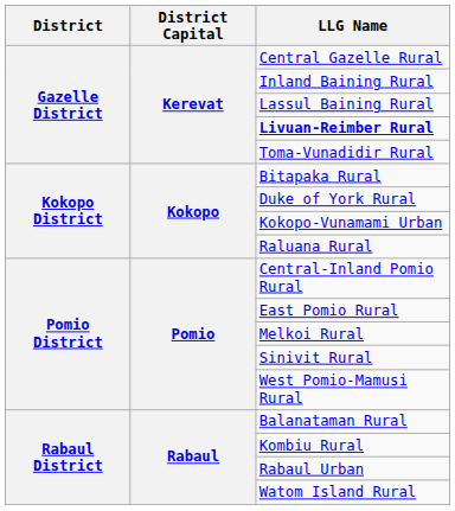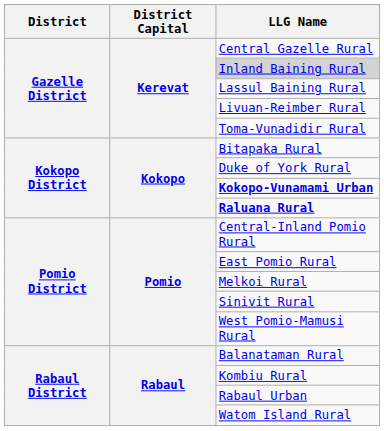 <table class="wikitable" style="text-align: left;" width="400">
 <tr>
 <th>District</th>
 <th>District Capital</th>
 <th>LLG Name</th>
 </tr>
 <tr>
 <th rowspan="5"><a href='#'>Gazelle District</a></th>
 <th rowspan="5"><a href='#'>Kerevat</a></th>
 <td><a href='#'>Central Gazelle Rural</a></td>
 </tr>
 <tr>
-<td><a href='#'>Inland Baining Rural</a></td>
+<td style="background: lightgrey;"><a href='#'>Inland Baining Rural</a></td>
 </tr>
 <tr>
 <td><a href='#'>Lassul Baining Rural</a></td>
 </tr>
 <tr>
-<td><strong><a href='#'>Livuan-Reimber Rural</a></strong></td>
+<td><a href='#'>Livuan-Reimber Rural</a></td>
 </tr>
 <tr>
 <td><a href='#'>Toma-Vunadidir Rural</a></td>
 </tr>
 <tr>
 <th rowspan="4"><a href='#'>Kokopo District</a></th>
 <th rowspan="4"><a href='#'>Kokopo</a></th>
 <td><a href='#'>Bitapaka Rural</a></td>
 </tr>
 <tr>
 <td><a href='#'>Duke of York Rural</a></td>
 </tr>
 <tr>
-<td><a href='#'>Kokopo-Vunamami Urban</a></td>
+<td><strong><a href='#'>Kokopo-Vunamami Urban</a></strong></td>
 </tr>
 <tr>
-<td><a href='#'>Raluana Rural</a></td>
+<td><strong><a href='#'>Raluana Rural</a></strong></td>
 </tr>
 <tr>
 <th rowspan="5"><a href='#'>Pomio District</a></th>
 <th rowspan="5"><a href='#'>Pomio</a></th>
 <td><a href='#'>Central-Inland Pomio Rural</a></td>
 </tr>
 <tr>
 <td><a href='#'>East Pomio Rural</a></td>
 </tr>
 <tr>
 <td><a href='#'>Melkoi Rural</a></td>
 </tr>
 <tr>
 <td><a href='#'>Sinivit Rural</a></td>
 </tr>
 <tr>
 <td><a href='#'>West Pomio-Mamusi Rural</a></td>
 </tr>
 <tr>
 <th rowspan="4"><a href='#'>Rabaul District</a></th>
 <th rowspan="4"><a href='#'>Rabaul</a></th>
 <td><a href='#'>Balanataman Rural</a></td>
 </tr>
 <tr>
 <td><a href='#'>Kombiu Rural</a></td>
 </tr>
 <tr>
 <td><a href='#'>Rabaul Urban</a></td>
 </tr>
 <tr>
 <td><a href='#'>Watom Island Rural</a></td>
 </tr>
 </table>
